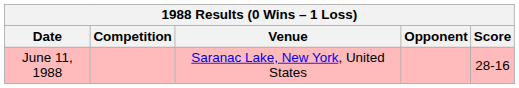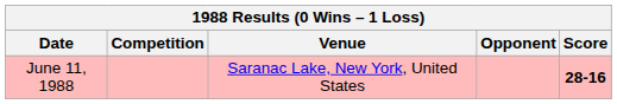 <table class="wikitable sortable">
 <tr>
 <th colspan="5"><strong>1988 Results (0 Wins – 1 Loss)</strong></th>
 </tr>
 <tr>
 <th>Date</th>
 <th>Competition</th>
 <th>Venue</th>
 <th>Opponent</th>
 <th>Score</th>
 </tr>
 <tr style="background:#fbb;">
 <td align=center>June 11, 1988</td>
 <td align=center></td>
 <td align=center><a href='#'>Saranac Lake, New York</a>, United States</td>
 <td></td>
-<td align=center>28-16</td>
+<td align=center><strong>28-16</strong></td>
 </tr>
 </table>
